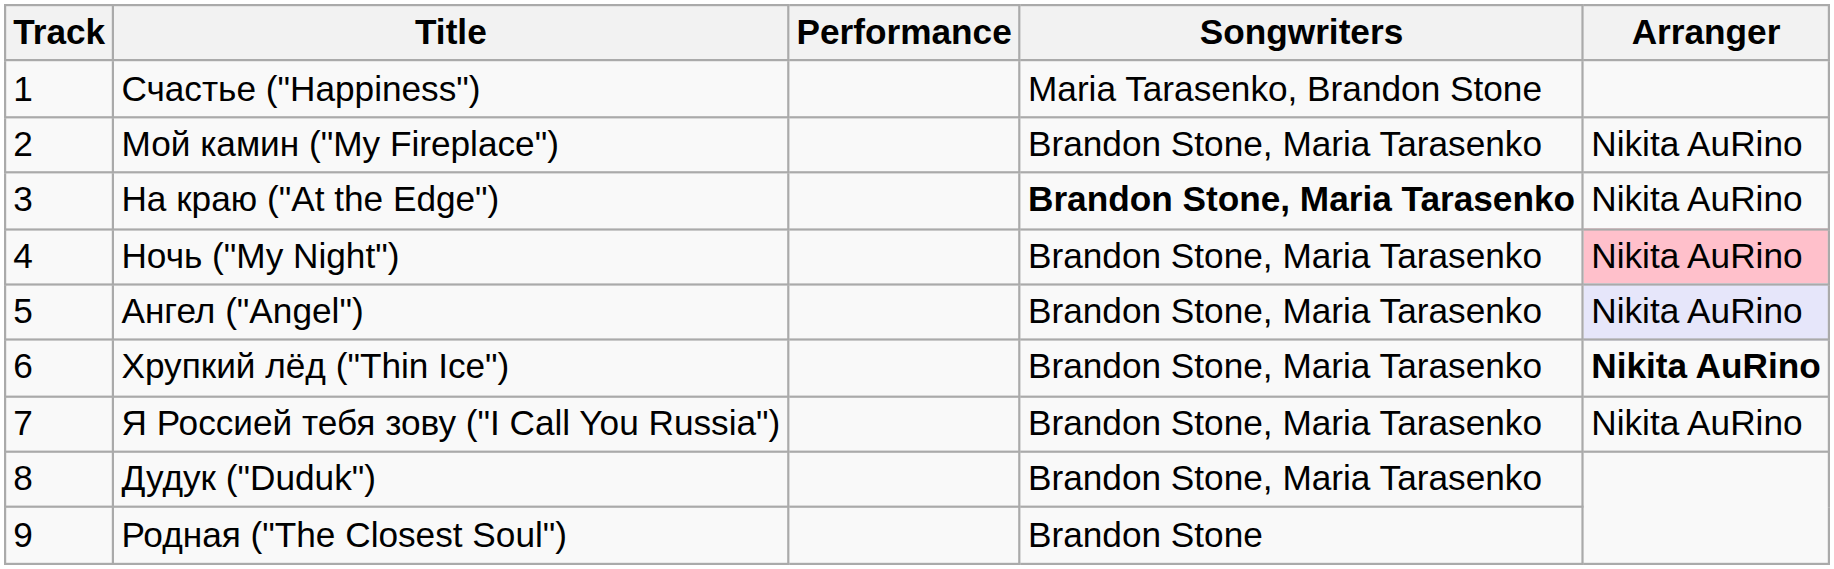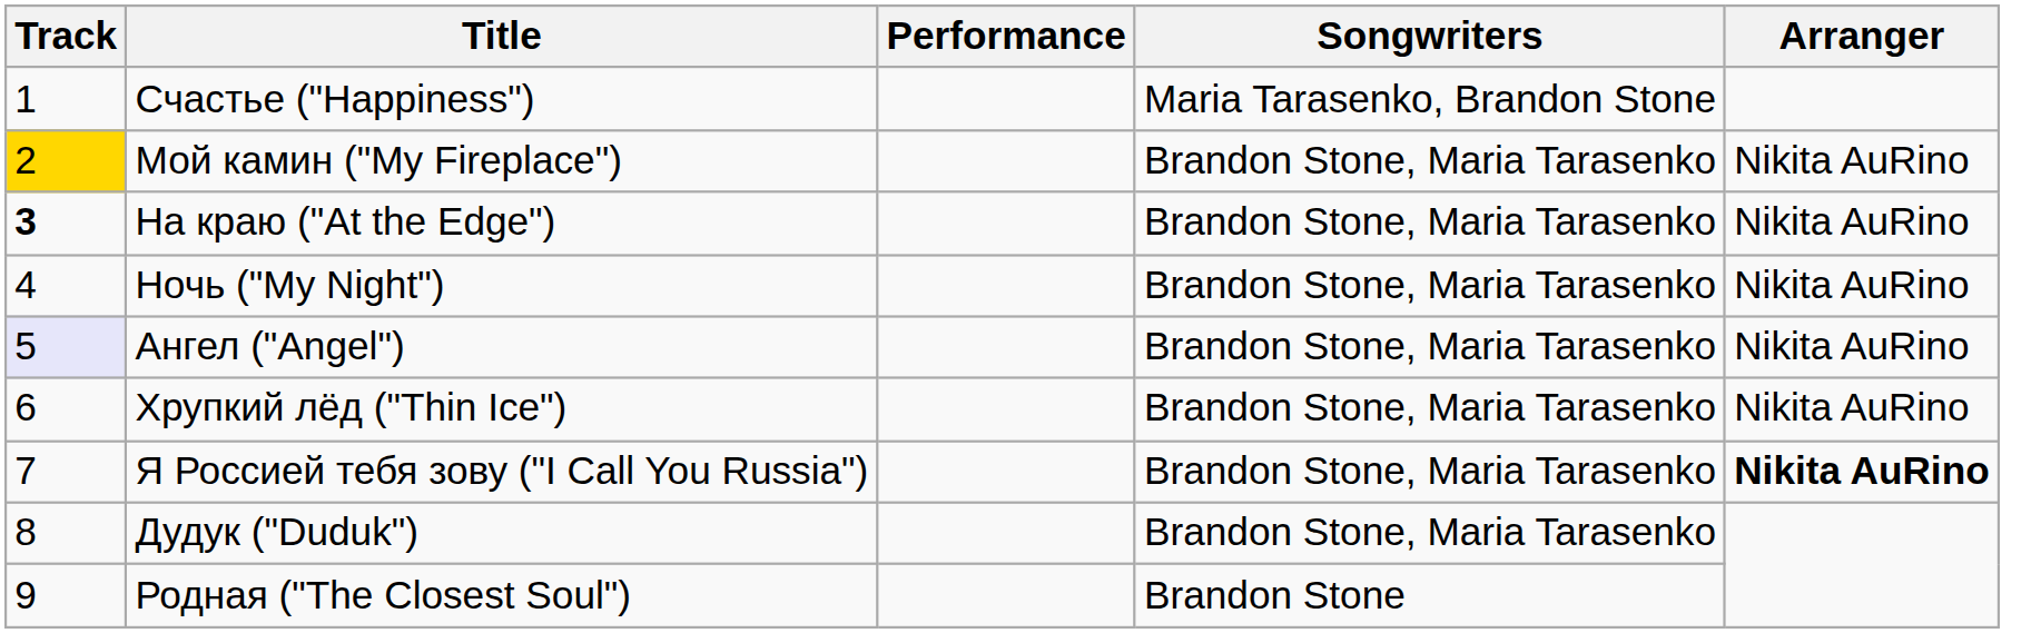 <table class="wikitable sortable">
 <tr>
 <th>Track</th>
 <th>Title</th>
 <th>Performance</th>
 <th>Songwriters</th>
 <th>Arranger</th>
 </tr>
 <tr>
 <td>1</td>
 <td>Счастье ("Happiness")</td>
 <td></td>
 <td>Maria Tarasenko, Brandon Stone</td>
 </tr>
 <tr>
-<td>2</td>
+<td style="background: gold;">2</td>
 <td>Мой камин ("My Fireplace")</td>
 <td></td>
 <td>Brandon Stone, Maria Tarasenko</td>
 <td>Nikita AuRino</td>
 </tr>
 <tr>
-<td>3</td>
+<td><strong>3</strong></td>
 <td>На краю ("At the Edge")</td>
 <td></td>
-<td><strong>Brandon Stone, Maria Tarasenko</strong></td>
+<td>Brandon Stone, Maria Tarasenko</td>
 <td>Nikita AuRino</td>
 </tr>
 <tr>
 <td>4</td>
 <td>Ночь ("My Night")</td>
 <td></td>
 <td>Brandon Stone, Maria Tarasenko</td>
-<td style="background: pink;">Nikita AuRino</td>
+<td>Nikita AuRino</td>
 </tr>
 <tr>
-<td>5</td>
+<td style="background: lavender;">5</td>
 <td>Ангел ("Angel")</td>
 <td></td>
 <td>Brandon Stone, Maria Tarasenko</td>
-<td style="background: lavender;">Nikita AuRino</td>
+<td>Nikita AuRino</td>
 </tr>
 <tr>
 <td>6</td>
 <td>Хрупкий лёд ("Thin Ice")</td>
 <td></td>
 <td>Brandon Stone, Maria Tarasenko</td>
-<td><strong>Nikita AuRino</strong></td>
+<td>Nikita AuRino</td>
 </tr>
 <tr>
 <td>7</td>
 <td>Я Россией тебя зову ("I Call You Russia")</td>
 <td></td>
 <td>Brandon Stone, Maria Tarasenko</td>
-<td>Nikita AuRino</td>
+<td><strong>Nikita AuRino</strong></td>
 </tr>
 <tr>
 <td>8</td>
 <td>Дудук ("Duduk")</td>
 <td></td>
 <td>Brandon Stone, Maria Tarasenko</td>
 </tr>
 <tr>
 <td>9</td>
 <td>Родная ("The Closest Soul")</td>
 <td></td>
 <td>Brandon Stone</td>
 </tr>
 </table>
